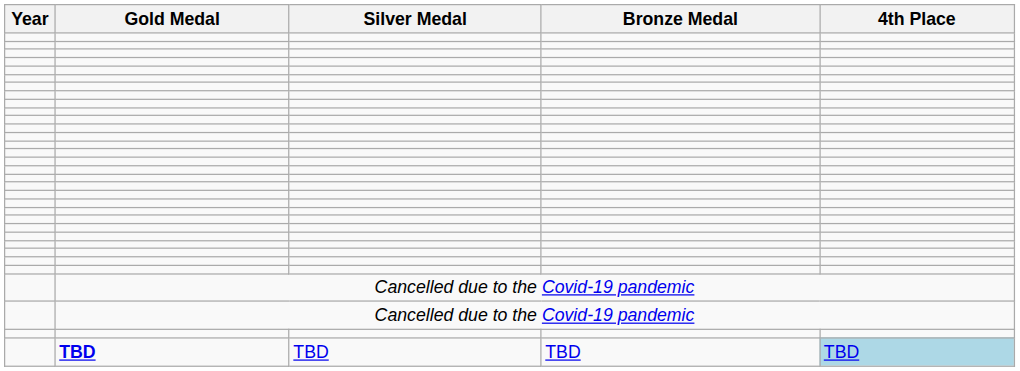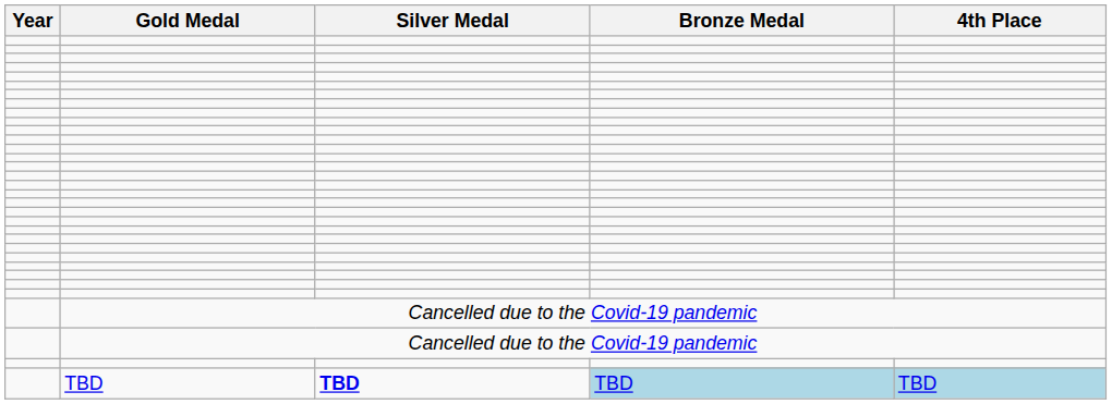 <table class=wikitable style="text-align:left; font-size:90%; width:65%">
 <tr>
 <th width=5%>Year</th>
 <th>Gold Medal</th>
 <th>Silver Medal</th>
 <th>Bronze Medal</th>
 <th>4th Place</th>
 </tr>
 <tr>
 <td></td>
 <td></td>
 <td></td>
 <td></td>
 <td></td>
 </tr>
 <tr>
 <td></td>
 <td></td>
 <td></td>
 <td></td>
 <td></td>
 </tr>
 <tr>
 <td></td>
 <td></td>
 <td></td>
 <td></td>
 <td></td>
 </tr>
 <tr>
 <td></td>
 <td></td>
 <td></td>
 <td></td>
 <td></td>
 </tr>
 <tr>
 <td></td>
 <td></td>
 <td></td>
 <td></td>
 <td></td>
 </tr>
 <tr>
 <td></td>
 <td></td>
 <td></td>
 <td></td>
 <td></td>
 </tr>
 <tr>
 <td></td>
 <td></td>
 <td></td>
 <td></td>
 <td></td>
 </tr>
 <tr>
 <td></td>
 <td></td>
 <td></td>
 <td></td>
 <td></td>
 </tr>
 <tr>
 <td></td>
 <td></td>
 <td></td>
 <td></td>
 <td></td>
 </tr>
 <tr>
 <td></td>
 <td></td>
 <td></td>
 <td></td>
 <td></td>
 </tr>
 <tr>
 <td></td>
 <td></td>
 <td></td>
 <td></td>
 <td></td>
 </tr>
 <tr>
 <td></td>
 <td></td>
 <td></td>
 <td></td>
 <td></td>
 </tr>
 <tr>
 <td></td>
 <td></td>
 <td></td>
 <td></td>
 <td></td>
 </tr>
 <tr>
 <td></td>
 <td></td>
 <td></td>
 <td></td>
 <td></td>
 </tr>
 <tr>
 <td></td>
 <td></td>
 <td></td>
 <td></td>
 <td></td>
 </tr>
 <tr>
 <td></td>
 <td></td>
 <td></td>
 <td></td>
 <td></td>
 </tr>
 <tr>
 <td></td>
 <td></td>
 <td></td>
 <td></td>
 <td></td>
 </tr>
 <tr>
 <td></td>
 <td></td>
 <td></td>
 <td></td>
 <td></td>
 </tr>
 <tr>
 <td></td>
 <td></td>
 <td></td>
 <td></td>
 <td></td>
 </tr>
 <tr>
 <td></td>
 <td></td>
 <td></td>
 <td></td>
 <td></td>
 </tr>
 <tr>
 <td></td>
 <td></td>
 <td></td>
 <td></td>
 <td></td>
 </tr>
 <tr>
 <td></td>
 <td></td>
 <td></td>
 <td></td>
 <td></td>
 </tr>
 <tr>
 <td></td>
 <td></td>
 <td></td>
 <td></td>
 <td></td>
 </tr>
 <tr>
 <td></td>
 <td></td>
 <td></td>
 <td></td>
 <td></td>
 </tr>
 <tr>
 <td></td>
 <td></td>
 <td></td>
 <td></td>
 <td></td>
 </tr>
 <tr>
 <td></td>
 <td></td>
 <td></td>
 <td></td>
 <td></td>
 </tr>
 <tr>
 <td></td>
 <td></td>
 <td></td>
 <td></td>
 <td></td>
 </tr>
 <tr>
 <td></td>
 <td></td>
 <td></td>
 <td></td>
 <td></td>
 </tr>
 <tr>
 <td></td>
 <td></td>
 <td></td>
 <td></td>
 <td></td>
 </tr>
 <tr>
 <td></td>
 <td style="text-align:center;" colspan=4><em>Cancelled due to the <a href='#'>Covid-19 pandemic</a></em></td>
 </tr>
 <tr>
 <td></td>
 <td style="text-align:center;" colspan=4><em>Cancelled due to the <a href='#'>Covid-19 pandemic</a></em></td>
 </tr>
 <tr>
 <td></td>
 <td></td>
 <td></td>
 <td></td>
 <td></td>
 </tr>
 <tr>
 <td></td>
+<td><a href='#'>TBD</a></td>
 <td><strong><a href='#'>TBD</a></strong></td>
-<td><a href='#'>TBD</a></td>
-<td><a href='#'>TBD</a></td>
+<td style="background: lightblue;"><a href='#'>TBD</a></td>
 <td style="background: lightblue;"><a href='#'>TBD</a></td>
 </tr>
 </table>
